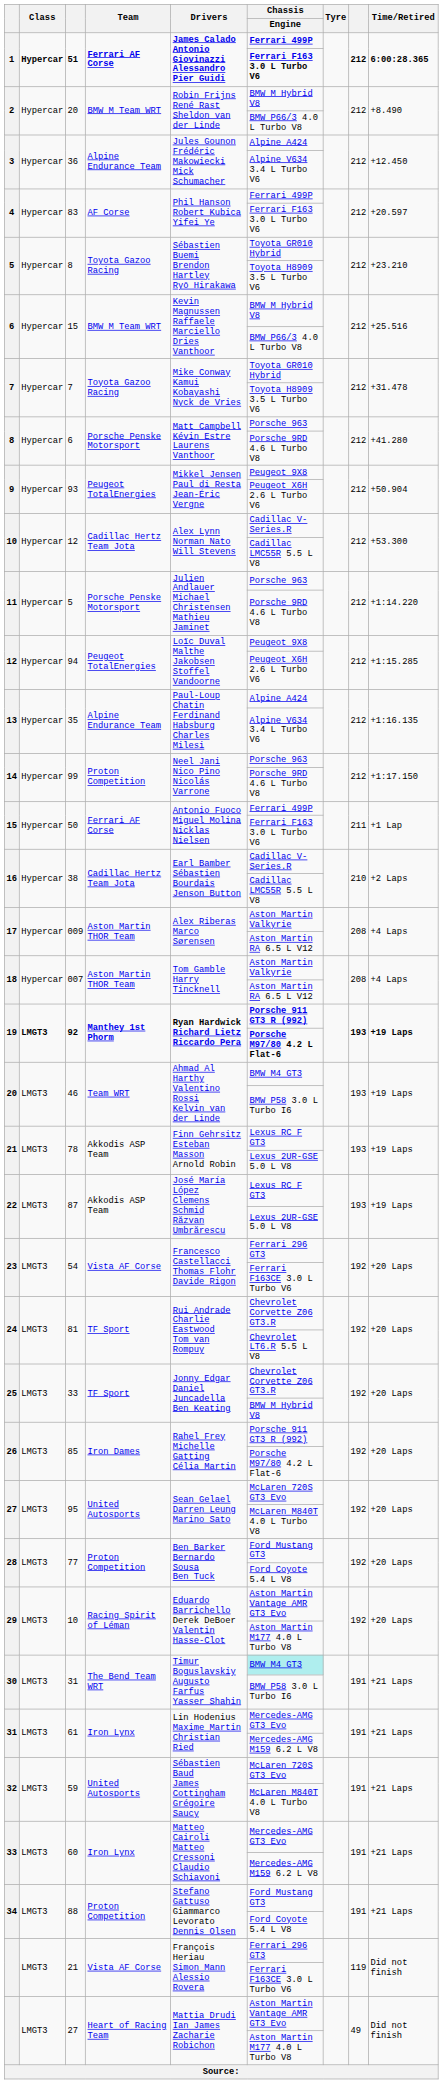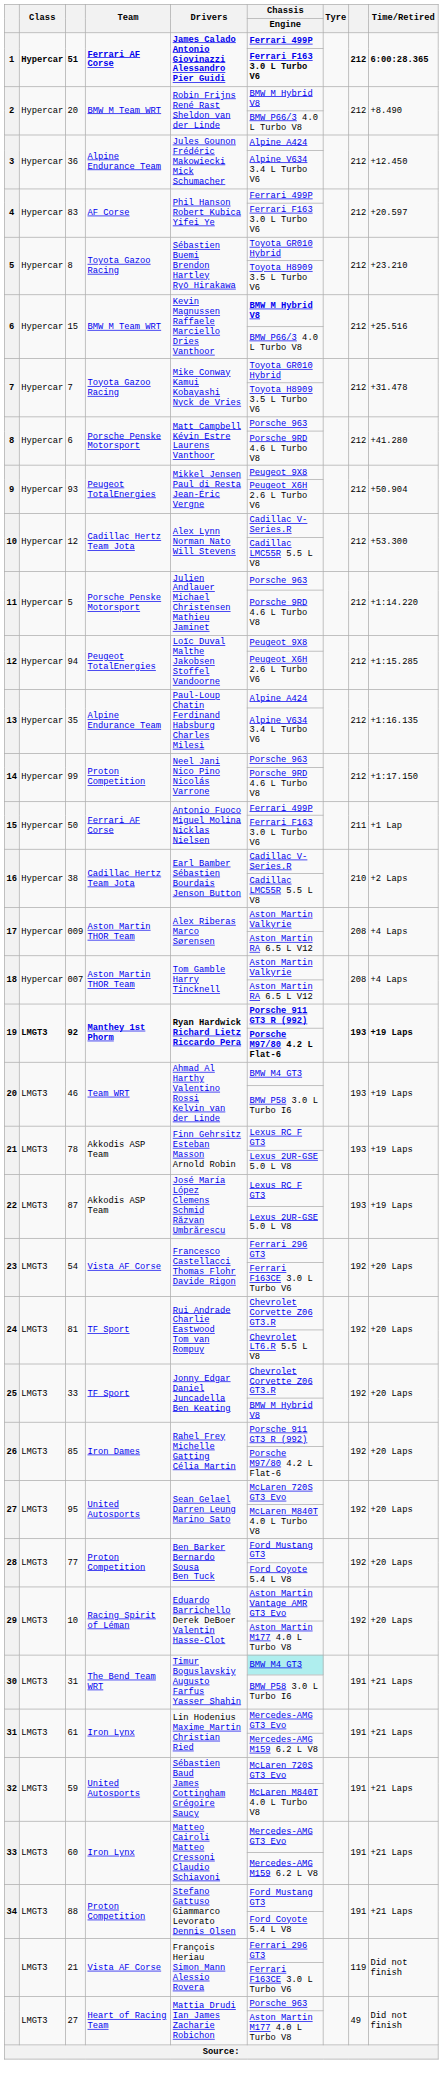 <table class="wikitable" style="font-size:95%;">
 <tr>
 <th rowspan=2></th>
 <th rowspan=2>Class</th>
 <th rowspan=2></th>
 <th rowspan=2>Team</th>
 <th rowspan=2>Drivers</th>
 <th>Chassis</th>
 <th rowspan=2>Tyre</th>
 <th rowspan=2></th>
 <th rowspan=2>Time/Retired</th>
 </tr>
 <tr>
 <th>Engine</th>
 </tr>
 <tr style="font-weight:bold;">
 <th rowspan=2>1</th>
 <td rowspan=2>Hypercar</td>
 <td rowspan=2>51</td>
 <td rowspan=2> <a href='#'>Ferrari AF Corse</a></td>
 <td rowspan=2> <a href='#'>James Calado</a><br> <a href='#'>Antonio Giovinazzi</a><br> <a href='#'>Alessandro Pier Guidi</a></td>
 <td><a href='#'>Ferrari 499P</a></td>
 <td rowspan=2></td>
 <td rowspan=2>212</td>
 <td rowspan=2>6:00:28.365</td>
 </tr>
 <tr style="font-weight:bold;">
 <td><a href='#'>Ferrari F163</a> 3.0 L Turbo V6</td>
 </tr>
 <tr>
 <th rowspan=2>2</th>
 <td rowspan=2>Hypercar</td>
 <td rowspan=2>20</td>
 <td rowspan=2> <a href='#'>BMW M Team WRT</a></td>
 <td rowspan=2> <a href='#'>Robin Frijns</a><br> <a href='#'>René Rast</a><br> <a href='#'>Sheldon van der Linde</a></td>
 <td><a href='#'>BMW M Hybrid V8</a></td>
 <td rowspan=2></td>
 <td rowspan=2>212</td>
 <td rowspan=2>+8.490</td>
 </tr>
 <tr>
 <td><a href='#'>BMW P66/3</a> 4.0 L Turbo V8</td>
 </tr>
 <tr>
 <th rowspan=2>3</th>
 <td rowspan=2>Hypercar</td>
 <td rowspan=2>36</td>
 <td rowspan=2> <a href='#'>Alpine Endurance Team</a></td>
 <td rowspan=2> <a href='#'>Jules Gounon</a><br> <a href='#'>Frédéric Makowiecki</a><br> <a href='#'>Mick Schumacher</a></td>
 <td><a href='#'>Alpine A424</a></td>
 <td rowspan=2></td>
 <td rowspan=2>212</td>
 <td rowspan=2>+12.450</td>
 </tr>
 <tr>
 <td><a href='#'>Alpine V634</a> 3.4 L Turbo V6</td>
 </tr>
 <tr>
 <th rowspan=2>4</th>
 <td rowspan=2>Hypercar</td>
 <td rowspan=2>83</td>
 <td rowspan=2> <a href='#'>AF Corse</a></td>
 <td rowspan=2> <a href='#'>Phil Hanson</a><br> <a href='#'>Robert Kubica</a><br> <a href='#'>Yifei Ye</a></td>
 <td><a href='#'>Ferrari 499P</a></td>
 <td rowspan=2></td>
 <td rowspan=2>212</td>
 <td rowspan=2>+20.597</td>
 </tr>
 <tr>
 <td><a href='#'>Ferrari F163</a> 3.0 L Turbo V6</td>
 </tr>
 <tr>
 <th rowspan=2>5</th>
 <td rowspan=2>Hypercar</td>
 <td rowspan=2>8</td>
 <td rowspan=2> <a href='#'>Toyota Gazoo Racing</a></td>
 <td rowspan=2> <a href='#'>Sébastien Buemi</a><br> <a href='#'>Brendon Hartley</a><br> <a href='#'>Ryō Hirakawa</a></td>
 <td><a href='#'>Toyota GR010 Hybrid</a></td>
 <td rowspan=2></td>
 <td rowspan=2>212</td>
 <td rowspan=2>+23.210</td>
 </tr>
 <tr>
 <td><a href='#'>Toyota H8909</a> 3.5 L Turbo V6</td>
 </tr>
 <tr>
 <th rowspan=2>6</th>
 <td rowspan=2>Hypercar</td>
 <td rowspan=2>15</td>
 <td rowspan=2> <a href='#'>BMW M Team WRT</a></td>
 <td rowspan=2> <a href='#'>Kevin Magnussen</a><br> <a href='#'>Raffaele Marciello</a><br> <a href='#'>Dries Vanthoor</a></td>
-<td><a href='#'>BMW M Hybrid V8</a></td>
+<td><strong><a href='#'>BMW M Hybrid V8</a></strong></td>
 <td rowspan=2></td>
 <td rowspan=2>212</td>
 <td rowspan=2>+25.516</td>
 </tr>
 <tr>
 <td><a href='#'>BMW P66/3</a> 4.0 L Turbo V8</td>
 </tr>
 <tr>
 <th rowspan=2>7</th>
 <td rowspan=2>Hypercar</td>
 <td rowspan=2>7</td>
 <td rowspan=2> <a href='#'>Toyota Gazoo Racing</a></td>
 <td rowspan=2> <a href='#'>Mike Conway</a><br> <a href='#'>Kamui Kobayashi</a><br> <a href='#'>Nyck de Vries</a></td>
 <td><a href='#'>Toyota GR010 Hybrid</a></td>
 <td rowspan=2></td>
 <td rowspan=2>212</td>
 <td rowspan=2>+31.478</td>
 </tr>
 <tr>
 <td><a href='#'>Toyota H8909</a> 3.5 L Turbo V6</td>
 </tr>
 <tr>
 <th rowspan=2>8</th>
 <td rowspan=2>Hypercar</td>
 <td rowspan=2>6</td>
 <td rowspan=2> <a href='#'>Porsche Penske Motorsport</a></td>
 <td rowspan=2> <a href='#'>Matt Campbell</a><br> <a href='#'>Kévin Estre</a><br> <a href='#'>Laurens Vanthoor</a></td>
 <td><a href='#'>Porsche 963</a></td>
 <td rowspan=2></td>
 <td rowspan=2>212</td>
 <td rowspan=2>+41.280</td>
 </tr>
 <tr>
 <td><a href='#'>Porsche 9RD</a> 4.6 L Turbo V8</td>
 </tr>
 <tr>
 <th rowspan=2>9</th>
 <td rowspan=2>Hypercar</td>
 <td rowspan=2>93</td>
 <td rowspan=2> <a href='#'>Peugeot TotalEnergies</a></td>
 <td rowspan=2> <a href='#'>Mikkel Jensen</a><br> <a href='#'>Paul di Resta</a><br> <a href='#'>Jean-Éric Vergne</a></td>
 <td><a href='#'>Peugeot 9X8</a></td>
 <td rowspan=2></td>
 <td rowspan=2>212</td>
 <td rowspan=2>+50.904</td>
 </tr>
 <tr>
 <td><a href='#'>Peugeot X6H</a> 2.6 L Turbo V6</td>
 </tr>
 <tr>
 <th rowspan=2>10</th>
 <td rowspan=2>Hypercar</td>
 <td rowspan=2>12</td>
 <td rowspan=2> <a href='#'>Cadillac Hertz Team Jota</a></td>
 <td rowspan=2> <a href='#'>Alex Lynn</a><br> <a href='#'>Norman Nato</a><br> <a href='#'>Will Stevens</a></td>
 <td><a href='#'>Cadillac V-Series.R</a></td>
 <td rowspan=2></td>
 <td rowspan=2>212</td>
 <td rowspan=2>+53.300</td>
 </tr>
 <tr>
 <td><a href='#'>Cadillac LMC55R</a> 5.5 L V8</td>
 </tr>
 <tr>
 <th rowspan=2>11</th>
 <td rowspan=2>Hypercar</td>
 <td rowspan=2>5</td>
 <td rowspan=2> <a href='#'>Porsche Penske Motorsport</a></td>
 <td rowspan=2> <a href='#'>Julien Andlauer</a><br> <a href='#'>Michael Christensen</a><br> <a href='#'>Mathieu Jaminet</a></td>
 <td><a href='#'>Porsche 963</a></td>
 <td rowspan=2></td>
 <td rowspan=2>212</td>
 <td rowspan=2>+1:14.220</td>
 </tr>
 <tr>
 <td><a href='#'>Porsche 9RD</a> 4.6 L Turbo V8</td>
 </tr>
 <tr>
 <th rowspan=2>12</th>
 <td rowspan=2>Hypercar</td>
 <td rowspan=2>94</td>
 <td rowspan=2> <a href='#'>Peugeot TotalEnergies</a></td>
 <td rowspan=2> <a href='#'>Loïc Duval</a><br> <a href='#'>Malthe Jakobsen</a><br> <a href='#'>Stoffel Vandoorne</a></td>
 <td><a href='#'>Peugeot 9X8</a></td>
 <td rowspan=2></td>
 <td rowspan=2>212</td>
 <td rowspan=2>+1:15.285</td>
 </tr>
 <tr>
 <td><a href='#'>Peugeot X6H</a> 2.6 L Turbo V6</td>
 </tr>
 <tr>
 <th rowspan=2>13</th>
 <td rowspan=2>Hypercar</td>
 <td rowspan=2>35</td>
 <td rowspan=2> <a href='#'>Alpine Endurance Team</a></td>
 <td rowspan=2> <a href='#'>Paul-Loup Chatin</a><br> <a href='#'>Ferdinand Habsburg</a><br> <a href='#'>Charles Milesi</a></td>
 <td><a href='#'>Alpine A424</a></td>
 <td rowspan=2></td>
 <td rowspan=2>212</td>
 <td rowspan=2>+1:16.135</td>
 </tr>
 <tr>
 <td><a href='#'>Alpine V634</a> 3.4 L Turbo V6</td>
 </tr>
 <tr>
 <th rowspan=2>14</th>
 <td rowspan=2>Hypercar</td>
 <td rowspan=2>99</td>
 <td rowspan=2> <a href='#'>Proton Competition</a></td>
 <td rowspan=2> <a href='#'>Neel Jani</a><br> <a href='#'>Nico Pino</a><br> <a href='#'>Nicolás Varrone</a></td>
 <td><a href='#'>Porsche 963</a></td>
 <td rowspan=2></td>
 <td rowspan=2>212</td>
 <td rowspan=2>+1:17.150</td>
 </tr>
 <tr>
 <td><a href='#'>Porsche 9RD</a> 4.6 L Turbo V8</td>
 </tr>
 <tr>
 <th rowspan=2>15</th>
 <td rowspan=2>Hypercar</td>
 <td rowspan=2>50</td>
 <td rowspan=2> <a href='#'>Ferrari AF Corse</a></td>
 <td rowspan=2> <a href='#'>Antonio Fuoco</a><br> <a href='#'>Miguel Molina</a><br> <a href='#'>Nicklas Nielsen</a></td>
 <td><a href='#'>Ferrari 499P</a></td>
 <td rowspan=2></td>
 <td rowspan=2>211</td>
 <td rowspan=2>+1 Lap</td>
 </tr>
 <tr>
 <td><a href='#'>Ferrari F163</a> 3.0 L Turbo V6</td>
 </tr>
 <tr>
 <th rowspan=2>16</th>
 <td rowspan=2>Hypercar</td>
 <td rowspan=2>38</td>
 <td rowspan=2> <a href='#'>Cadillac Hertz Team Jota</a></td>
 <td rowspan=2> <a href='#'>Earl Bamber</a><br> <a href='#'>Sébastien Bourdais</a><br> <a href='#'>Jenson Button</a></td>
 <td><a href='#'>Cadillac V-Series.R</a></td>
 <td rowspan=2></td>
 <td rowspan=2>210</td>
 <td rowspan=2>+2 Laps</td>
 </tr>
 <tr>
 <td><a href='#'>Cadillac LMC55R</a> 5.5 L V8</td>
 </tr>
 <tr>
 <th rowspan=2>17</th>
 <td rowspan=2>Hypercar</td>
 <td rowspan=2>009</td>
 <td rowspan=2> <a href='#'>Aston Martin THOR Team</a></td>
 <td rowspan=2> <a href='#'>Alex Riberas</a><br> <a href='#'>Marco Sørensen</a><br></td>
 <td><a href='#'>Aston Martin Valkyrie</a></td>
 <td rowspan=2></td>
 <td rowspan=2>208</td>
 <td rowspan=2>+4 Laps</td>
 </tr>
 <tr>
 <td><a href='#'>Aston Martin RA</a> 6.5 L V12</td>
 </tr>
 <tr>
 <th rowspan=2>18</th>
 <td rowspan=2>Hypercar</td>
 <td rowspan=2>007</td>
 <td rowspan=2> <a href='#'>Aston Martin THOR Team</a></td>
 <td rowspan=2> <a href='#'>Tom Gamble</a><br> <a href='#'>Harry Tincknell</a><br></td>
 <td><a href='#'>Aston Martin Valkyrie</a></td>
 <td rowspan=2></td>
 <td rowspan=2>208</td>
 <td rowspan=2>+4 Laps</td>
 </tr>
 <tr>
 <td><a href='#'>Aston Martin RA</a> 6.5 L V12</td>
 </tr>
 <tr style="font-weight:bold;">
 <th rowspan=2>19</th>
 <td rowspan=2>LMGT3</td>
 <td rowspan=2>92</td>
 <td rowspan=2> <a href='#'>Manthey 1st Phorm</a></td>
 <td rowspan=2> Ryan Hardwick<br> <a href='#'>Richard Lietz</a><br> <a href='#'>Riccardo Pera</a></td>
 <td><a href='#'>Porsche 911 GT3 R (992)</a></td>
 <td rowspan=2></td>
 <td rowspan=2>193</td>
 <td rowspan=2>+19 Laps</td>
 </tr>
 <tr style="font-weight:bold;">
 <td><a href='#'>Porsche M97/80</a> 4.2 L Flat-6</td>
 </tr>
 <tr>
 <th rowspan=2>20</th>
 <td rowspan=2>LMGT3</td>
 <td rowspan=2>46</td>
 <td rowspan=2> <a href='#'>Team WRT</a></td>
 <td rowspan=2> <a href='#'>Ahmad Al Harthy</a><br> <a href='#'>Valentino Rossi</a><br> <a href='#'>Kelvin van der Linde</a></td>
 <td><a href='#'>BMW M4 GT3</a></td>
 <td rowspan=2></td>
 <td rowspan=2>193</td>
 <td rowspan=2>+19 Laps</td>
 </tr>
 <tr>
 <td><a href='#'>BMW P58</a> 3.0 L Turbo I6</td>
 </tr>
 <tr>
 <th rowspan=2>21</th>
 <td rowspan=2>LMGT3</td>
 <td rowspan=2>78</td>
 <td rowspan=2> Akkodis ASP Team</td>
 <td rowspan=2> <a href='#'>Finn Gehrsitz</a><br> <a href='#'>Esteban Masson</a><br> Arnold Robin</td>
 <td><a href='#'>Lexus RC F GT3</a></td>
 <td rowspan=2></td>
 <td rowspan=2>193</td>
 <td rowspan=2>+19 Laps</td>
 </tr>
 <tr>
 <td><a href='#'>Lexus 2UR-GSE</a> 5.0 L V8</td>
 </tr>
 <tr>
 <th rowspan=2>22</th>
 <td rowspan=2>LMGT3</td>
 <td rowspan=2>87</td>
 <td rowspan=2> Akkodis ASP Team</td>
 <td rowspan=2> <a href='#'>José María López</a><br> <a href='#'>Clemens Schmid</a><br> <a href='#'>Răzvan Umbrărescu</a></td>
 <td><a href='#'>Lexus RC F GT3</a></td>
 <td rowspan=2></td>
 <td rowspan=2>193</td>
 <td rowspan=2>+19 Laps</td>
 </tr>
 <tr>
 <td><a href='#'>Lexus 2UR-GSE</a> 5.0 L V8</td>
 </tr>
 <tr>
 <th rowspan=2>23</th>
 <td rowspan=2>LMGT3</td>
 <td rowspan=2>54</td>
 <td rowspan=2> <a href='#'>Vista AF Corse</a></td>
 <td rowspan=2> <a href='#'>Francesco Castellacci</a><br> <a href='#'>Thomas Flohr</a><br> <a href='#'>Davide Rigon</a></td>
 <td><a href='#'>Ferrari 296 GT3</a></td>
 <td rowspan=2></td>
 <td rowspan=2>192</td>
 <td rowspan=2>+20 Laps</td>
 </tr>
 <tr>
 <td><a href='#'>Ferrari F163CE</a> 3.0 L Turbo V6</td>
 </tr>
 <tr>
 <th rowspan=2>24</th>
 <td rowspan=2>LMGT3</td>
 <td rowspan=2>81</td>
 <td rowspan=2> <a href='#'>TF Sport</a></td>
 <td rowspan=2> <a href='#'>Rui Andrade</a><br> <a href='#'>Charlie Eastwood</a><br> <a href='#'>Tom van Rompuy</a></td>
 <td><a href='#'>Chevrolet Corvette Z06 GT3.R</a></td>
 <td rowspan=2></td>
 <td rowspan=2>192</td>
 <td rowspan=2>+20 Laps</td>
 </tr>
 <tr>
 <td><a href='#'>Chevrolet LT6.R</a> 5.5 L V8</td>
 </tr>
 <tr>
 <th rowspan=2>25</th>
 <td rowspan=2>LMGT3</td>
 <td rowspan=2>33</td>
 <td rowspan=2> <a href='#'>TF Sport</a></td>
 <td rowspan=2> <a href='#'>Jonny Edgar</a><br> <a href='#'>Daniel Juncadella</a><br> <a href='#'>Ben Keating</a></td>
 <td><a href='#'>Chevrolet Corvette Z06 GT3.R</a></td>
 <td rowspan=2></td>
 <td rowspan=2>192</td>
 <td rowspan=2>+20 Laps</td>
 </tr>
 <tr>
 <td><a href='#'>BMW M Hybrid V8</a></td>
 </tr>
 <tr>
 <th rowspan=2>26</th>
 <td rowspan=2>LMGT3</td>
 <td rowspan=2>85</td>
 <td rowspan=2> <a href='#'>Iron Dames</a></td>
 <td rowspan=2> <a href='#'>Rahel Frey</a><br> <a href='#'>Michelle Gatting</a><br> <a href='#'>Célia Martin</a></td>
 <td><a href='#'>Porsche 911 GT3 R (992)</a></td>
 <td rowspan=2></td>
 <td rowspan=2>192</td>
 <td rowspan=2>+20 Laps</td>
 </tr>
 <tr>
 <td><a href='#'>Porsche M97/80</a> 4.2 L Flat-6</td>
 </tr>
 <tr>
 <th rowspan=2>27</th>
 <td rowspan=2>LMGT3</td>
 <td rowspan=2>95</td>
 <td rowspan=2> <a href='#'>United Autosports</a></td>
 <td rowspan=2> <a href='#'>Sean Gelael</a><br> <a href='#'>Darren Leung</a><br> <a href='#'>Marino Sato</a></td>
 <td><a href='#'>McLaren 720S GT3 Evo</a></td>
 <td rowspan=2></td>
 <td rowspan=2>192</td>
 <td rowspan=2>+20 Laps</td>
 </tr>
 <tr>
 <td><a href='#'>McLaren M840T</a> 4.0 L Turbo V8</td>
 </tr>
 <tr>
 <th rowspan=2>28</th>
 <td rowspan=2>LMGT3</td>
 <td rowspan=2>77</td>
 <td rowspan=2> <a href='#'>Proton Competition</a></td>
 <td rowspan=2> <a href='#'>Ben Barker</a><br> <a href='#'>Bernardo Sousa</a><br> <a href='#'>Ben Tuck</a></td>
 <td><a href='#'>Ford Mustang GT3</a></td>
 <td rowspan=2></td>
 <td rowspan=2>192</td>
 <td rowspan=2>+20 Laps</td>
 </tr>
 <tr>
 <td><a href='#'>Ford Coyote</a> 5.4 L V8</td>
 </tr>
 <tr>
 <th rowspan=2>29</th>
 <td rowspan=2>LMGT3</td>
 <td rowspan=2>10</td>
 <td rowspan=2> <a href='#'>Racing Spirit of Léman</a></td>
 <td rowspan=2> <a href='#'>Eduardo Barrichello</a><br> Derek DeBoer<br> <a href='#'>Valentin Hasse-Clot</a></td>
 <td><a href='#'>Aston Martin Vantage AMR GT3 Evo</a></td>
 <td rowspan=2></td>
 <td rowspan=2>192</td>
 <td rowspan=2>+20 Laps</td>
 </tr>
 <tr>
 <td><a href='#'>Aston Martin M177</a> 4.0 L Turbo V8</td>
 </tr>
 <tr>
 <th rowspan=2>30</th>
 <td rowspan=2>LMGT3</td>
 <td rowspan=2>31</td>
 <td rowspan=2> <a href='#'>The Bend Team WRT</a></td>
 <td rowspan=2> <a href='#'>Timur Boguslavskiy</a><br> <a href='#'>Augusto Farfus</a><br> <a href='#'>Yasser Shahin</a></td>
 <td style="background: paleturquoise;"><a href='#'>BMW M4 GT3</a></td>
 <td rowspan=2></td>
 <td rowspan=2>191</td>
 <td rowspan=2>+21 Laps</td>
 </tr>
 <tr>
 <td><a href='#'>BMW P58</a> 3.0 L Turbo I6</td>
 </tr>
 <tr>
 <th rowspan=2>31</th>
 <td rowspan=2>LMGT3</td>
 <td rowspan=2>61</td>
 <td rowspan=2> <a href='#'>Iron Lynx</a></td>
 <td rowspan=2> Lin Hodenius<br> <a href='#'>Maxime Martin</a><br> <a href='#'>Christian Ried</a></td>
 <td><a href='#'>Mercedes-AMG GT3 Evo</a></td>
 <td rowspan=2></td>
 <td rowspan=2>191</td>
 <td rowspan=2>+21 Laps</td>
 </tr>
 <tr>
 <td><a href='#'>Mercedes-AMG M159</a> 6.2 L V8</td>
 </tr>
 <tr>
 <th rowspan=2>32</th>
 <td rowspan=2>LMGT3</td>
 <td rowspan=2>59</td>
 <td rowspan=2> <a href='#'>United Autosports</a></td>
 <td rowspan=2> <a href='#'>Sébastien Baud</a><br> <a href='#'>James Cottingham</a><br> <a href='#'>Grégoire Saucy</a></td>
 <td><a href='#'>McLaren 720S GT3 Evo</a></td>
 <td rowspan=2></td>
 <td rowspan=2>191</td>
 <td rowspan=2>+21 Laps</td>
 </tr>
 <tr>
 <td><a href='#'>McLaren M840T</a> 4.0 L Turbo V8</td>
 </tr>
 <tr>
 <th rowspan=2>33</th>
 <td rowspan=2>LMGT3</td>
 <td rowspan=2>60</td>
 <td rowspan=2> <a href='#'>Iron Lynx</a></td>
 <td rowspan=2> <a href='#'>Matteo Cairoli</a><br> <a href='#'>Matteo Cressoni</a><br> <a href='#'>Claudio Schiavoni</a></td>
 <td><a href='#'>Mercedes-AMG GT3 Evo</a></td>
 <td rowspan=2></td>
 <td rowspan=2>191</td>
 <td rowspan=2>+21 Laps</td>
 </tr>
 <tr>
 <td><a href='#'>Mercedes-AMG M159</a> 6.2 L V8</td>
 </tr>
 <tr>
 <th rowspan=2>34</th>
 <td rowspan=2>LMGT3</td>
 <td rowspan=2>88</td>
 <td rowspan=2> <a href='#'>Proton Competition</a></td>
 <td rowspan=2> <a href='#'>Stefano Gattuso</a><br> Giammarco Levorato<br> <a href='#'>Dennis Olsen</a></td>
 <td><a href='#'>Ford Mustang GT3</a></td>
 <td rowspan=2></td>
 <td rowspan=2>191</td>
 <td rowspan=2>+21 Laps</td>
 </tr>
 <tr>
 <td><a href='#'>Ford Coyote</a> 5.4 L V8</td>
 </tr>
 <tr>
 <th rowspan=2></th>
 <td rowspan=2>LMGT3</td>
 <td rowspan=2>21</td>
 <td rowspan=2> <a href='#'>Vista AF Corse</a></td>
 <td rowspan=2> François Heriau<br> <a href='#'>Simon Mann</a><br> <a href='#'>Alessio Rovera</a></td>
 <td><a href='#'>Ferrari 296 GT3</a></td>
 <td rowspan=2></td>
 <td rowspan=2>119</td>
 <td rowspan=2>Did not finish</td>
 </tr>
 <tr>
 <td><a href='#'>Ferrari F163CE</a> 3.0 L Turbo V6</td>
 </tr>
 <tr>
 <th rowspan=2></th>
 <td rowspan=2>LMGT3</td>
 <td rowspan=2>27</td>
 <td rowspan=2> <a href='#'>Heart of Racing Team</a></td>
 <td rowspan=2> <a href='#'>Mattia Drudi</a><br> <a href='#'>Ian James</a><br> <a href='#'>Zacharie Robichon</a></td>
-<td><a href='#'>Aston Martin Vantage AMR GT3 Evo</a></td>
+<td><a href='#'>Porsche 963</a></td>
 <td rowspan=2></td>
 <td rowspan=2>49</td>
 <td rowspan=2>Did not finish</td>
 </tr>
 <tr>
 <td><a href='#'>Aston Martin M177</a> 4.0 L Turbo V8</td>
 </tr>
 <tr>
 <th colspan="9">Source:</th>
 </tr>
 </table>
